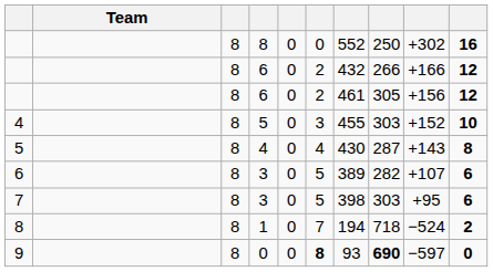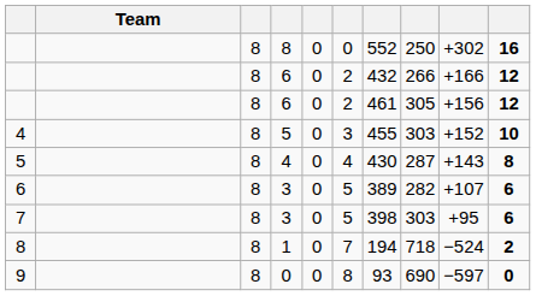 <table class=wikitable style=text-align:center>
 <tr>
 <th width=20 abbr=Position></th>
 <th width=175>Team</th>
 <th width=20 abbr=Played></th>
 <th width=20 abbr=Won></th>
 <th width=20 abbr=Drawn></th>
 <th width=20 abbr=Lost></th>
 <th width=20 abbr=Goals for></th>
 <th width=20 abbr=Goals against></th>
 <th width=30 abbr=Goal Difference></th>
 <th width=30 abbr=Points></th>
 </tr>
 <tr>
 <td></td>
 <td align=left></td>
 <td>8</td>
 <td>8</td>
 <td>0</td>
 <td>0</td>
 <td>552</td>
 <td>250</td>
 <td>+302</td>
 <td><strong>16</strong></td>
 </tr>
 <tr>
 <td></td>
 <td align=left></td>
 <td>8</td>
 <td>6</td>
 <td>0</td>
 <td>2</td>
 <td>432</td>
 <td>266</td>
 <td>+166</td>
 <td><strong>12</strong></td>
 </tr>
 <tr>
 <td></td>
 <td align=left></td>
 <td>8</td>
 <td>6</td>
 <td>0</td>
 <td>2</td>
 <td>461</td>
 <td>305</td>
 <td>+156</td>
 <td><strong>12</strong></td>
 </tr>
 <tr>
 <td>4</td>
 <td align=left></td>
 <td>8</td>
 <td>5</td>
 <td>0</td>
 <td>3</td>
 <td>455</td>
 <td>303</td>
 <td>+152</td>
 <td><strong>10</strong></td>
 </tr>
 <tr>
 <td>5</td>
 <td align=left></td>
 <td>8</td>
 <td>4</td>
 <td>0</td>
 <td>4</td>
 <td>430</td>
 <td>287</td>
 <td>+143</td>
 <td><strong>8</strong></td>
 </tr>
 <tr>
 <td>6</td>
 <td align=left></td>
 <td>8</td>
 <td>3</td>
 <td>0</td>
 <td>5</td>
 <td>389</td>
 <td>282</td>
 <td>+107</td>
 <td><strong>6</strong></td>
 </tr>
 <tr>
 <td>7</td>
 <td align=left></td>
 <td>8</td>
 <td>3</td>
 <td>0</td>
 <td>5</td>
 <td>398</td>
 <td>303</td>
 <td>+95</td>
 <td><strong>6</strong></td>
 </tr>
 <tr>
 <td>8</td>
 <td align=left></td>
 <td>8</td>
 <td>1</td>
 <td>0</td>
 <td>7</td>
 <td>194</td>
 <td>718</td>
 <td>−524</td>
 <td><strong>2</strong></td>
 </tr>
 <tr>
 <td>9</td>
 <td align=left></td>
 <td>8</td>
 <td>0</td>
 <td>0</td>
-<td><strong>8</strong></td>
+<td>8</td>
 <td>93</td>
-<td><strong>690</strong></td>
+<td>690</td>
 <td>−597</td>
 <td><strong>0</strong></td>
 </tr>
 </table>
